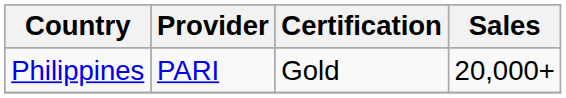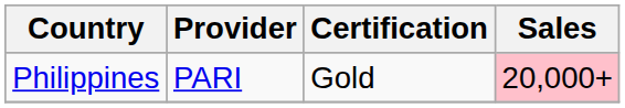 <table class="wikitable">
 <tr>
 <th>Country</th>
 <th>Provider</th>
 <th>Certification</th>
 <th>Sales</th>
 </tr>
 <tr>
 <td><a href='#'>Philippines</a></td>
 <td><a href='#'>PARI</a></td>
 <td>Gold</td>
-<td>20,000+</td>
+<td style="background: pink;">20,000+</td>
 </tr>
 <tr>
 </tr>
 </table>
